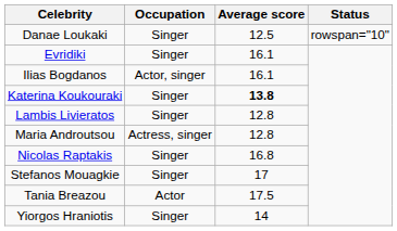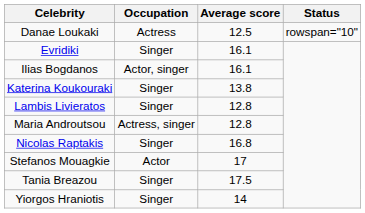 <table class="wikitable sortable" style="text-align:center;">
 <tr>
 <th>Celebrity</th>
 <th>Occupation</th>
 <th>Average score</th>
 <th>Status</th>
 </tr>
 <tr>
 <td>Danae Loukaki</td>
-<td>Singer</td>
+<td>Actress</td>
 <td>12.5</td>
 <td>rowspan="10" </td>
 </tr>
 <tr>
 <td><a href='#'>Evridiki</a></td>
 <td>Singer</td>
 <td>16.1</td>
 </tr>
 <tr>
 <td>Ilias Bogdanos</td>
 <td>Actor, singer</td>
 <td>16.1</td>
 </tr>
 <tr>
 <td><a href='#'>Katerina Koukouraki</a></td>
 <td>Singer</td>
-<td><strong>13.8</strong></td>
+<td>13.8</td>
 </tr>
 <tr>
 <td><a href='#'>Lambis Livieratos</a></td>
 <td>Singer</td>
 <td>12.8</td>
 </tr>
 <tr>
 <td>Maria Androutsou</td>
 <td>Actress, singer</td>
 <td>12.8</td>
 </tr>
 <tr>
 <td><a href='#'>Nicolas Raptakis</a></td>
 <td>Singer</td>
 <td>16.8</td>
 </tr>
 <tr>
 <td>Stefanos Mouagkie</td>
-<td>Singer</td>
+<td>Actor</td>
 <td>17</td>
 </tr>
 <tr>
 <td>Tania Breazou</td>
-<td>Actor</td>
+<td>Singer</td>
 <td>17.5</td>
 </tr>
 <tr>
 <td>Yiorgos Hraniotis</td>
 <td>Singer</td>
 <td>14</td>
 </tr>
 </table>
